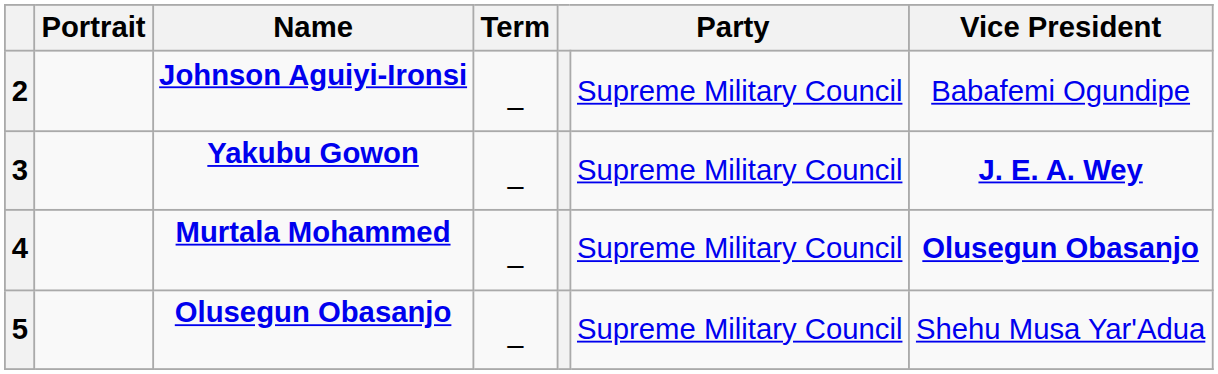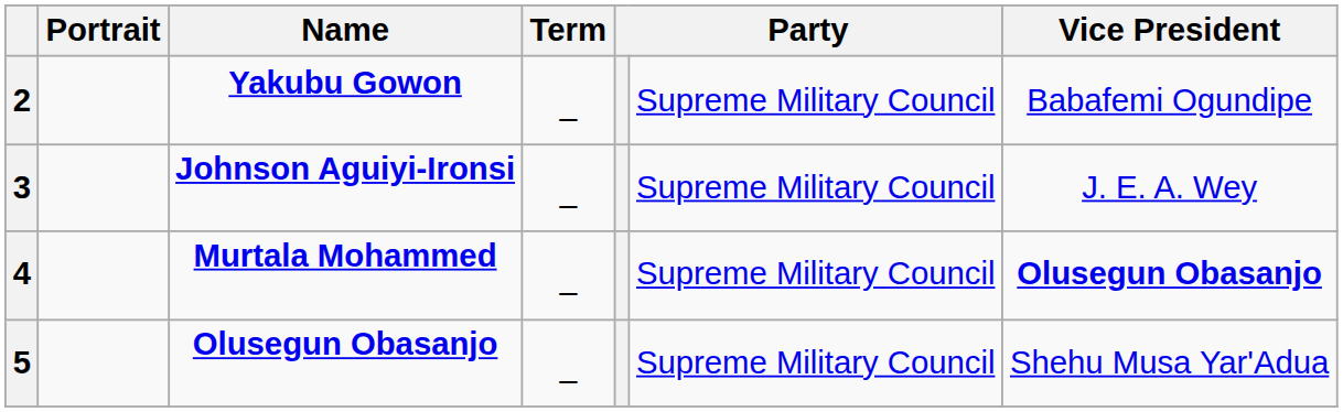 <table class="wikitable sortable sticky-header" style=text-align:center;>
 <tr>
 <th scope=col></th>
 <th scope=col class=unsortable>Portrait</th>
 <th scope=col>Name<br></th>
 <th scope=col class=unsortable>Term</th>
 <th scope=col colspan=2>Party</th>
 <th scope=col class=unsortable>Vice President</th>
 </tr>
 <tr>
 <th scope=row>2</th>
 <td></td>
-<td><strong><a href='#'>Johnson Aguiyi-Ironsi</a></strong><br><br></td>
+<td><strong><a href='#'>Yakubu Gowon</a></strong><br><br></td>
 <td><br>–<br></td>
 <th style="background:"></th>
 <td><a href='#'>Supreme Military Council</a></td>
 <td><a href='#'>Babafemi Ogundipe</a></td>
 </tr>
 <tr>
 <th scope=row>3</th>
 <td></td>
-<td><strong><a href='#'>Yakubu Gowon</a></strong><br><br></td>
+<td><strong><a href='#'>Johnson Aguiyi-Ironsi</a></strong><br><br></td>
 <td><br>–<br></td>
 <th style="background:"></th>
 <td><a href='#'>Supreme Military Council</a></td>
-<td><strong><a href='#'>J. E. A. Wey</a></strong></td>
+<td><a href='#'>J. E. A. Wey</a></td>
 </tr>
 <tr>
 <th scope=row>4</th>
 <td></td>
 <td><strong><a href='#'>Murtala Mohammed</a></strong><br><br></td>
 <td><br>–<br></td>
 <th style="background:"></th>
 <td><a href='#'>Supreme Military Council</a></td>
 <td><strong><a href='#'>Olusegun Obasanjo</a></strong></td>
 </tr>
 <tr>
 <th scope=row>5</th>
 <td></td>
 <td><strong><a href='#'>Olusegun Obasanjo</a></strong><br><br></td>
 <td><br>–<br></td>
 <th style="background:"></th>
 <td><a href='#'>Supreme Military Council</a></td>
 <td><a href='#'>Shehu Musa Yar'Adua</a></td>
 </tr>
 </table>
